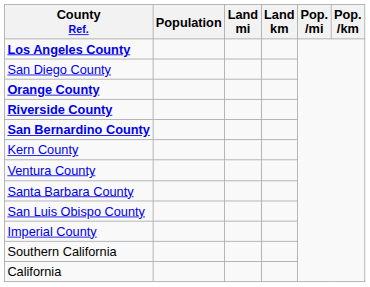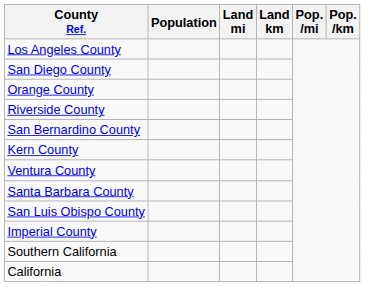 <table style="font-size:95%; text-align:right;" class="wikitable sortable">
 <tr>
 <th>County<br><small><a href='#'>Ref.</a></small></th>
 <th>Population</th>
 <th>Land<br>mi</th>
 <th>Land<br>km</th>
 <th>Pop.<br>/mi</th>
 <th>Pop.<br>/km</th>
 </tr>
 <tr>
-<td align=left><strong><a href='#'>Los Angeles County</a></strong></td>
+<td align=left><a href='#'>Los Angeles County</a></td>
 <td></td>
 <td></td>
 <td></td>
 </tr>
 <tr>
 <td align=left><a href='#'>San Diego County</a></td>
 <td></td>
 <td></td>
 <td></td>
 </tr>
 <tr>
-<td align=left><strong><a href='#'>Orange County</a></strong></td>
+<td align=left><a href='#'>Orange County</a></td>
 <td></td>
 <td></td>
 <td></td>
 </tr>
 <tr>
-<td align=left><strong><a href='#'>Riverside County</a></strong></td>
+<td align=left><a href='#'>Riverside County</a></td>
 <td></td>
 <td></td>
 <td></td>
 </tr>
 <tr>
-<td align=left><strong><a href='#'>San Bernardino County</a></strong></td>
+<td align=left><a href='#'>San Bernardino County</a></td>
 <td></td>
 <td></td>
 <td></td>
 </tr>
 <tr>
 <td align=left><a href='#'>Kern County</a></td>
 <td></td>
 <td></td>
 <td></td>
 </tr>
 <tr>
 <td align=left><a href='#'>Ventura County</a></td>
 <td></td>
 <td></td>
 <td></td>
 </tr>
 <tr>
 <td align=left><a href='#'>Santa Barbara County</a></td>
 <td></td>
 <td></td>
 <td></td>
 </tr>
 <tr>
 <td align=left><a href='#'>San Luis Obispo County</a></td>
 <td></td>
 <td></td>
 <td></td>
 </tr>
 <tr>
 <td align=left><a href='#'>Imperial County</a></td>
 <td></td>
 <td></td>
 <td></td>
 </tr>
 <tr>
 <td align=left>Southern California</td>
 <td></td>
 <td></td>
 <td></td>
 </tr>
 <tr>
 <td align=left>California</td>
 <td></td>
 <td></td>
 <td></td>
 </tr>
 </table>
